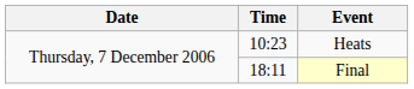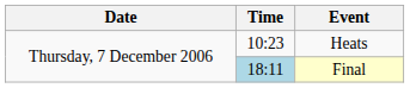 <table class = "wikitable" style="text-align:center;">
 <tr>
 <th width=220>Date</th>
 <th width=50>Time</th>
 <th width=100>Event</th>
 </tr>
 <tr>
 <td rowspan=2>Thursday, 7 December 2006</td>
 <td>10:23</td>
 <td>Heats</td>
 </tr>
 <tr>
-<td>18:11</td>
+<td style="background: lightblue;">18:11</td>
 <td bgcolor=ffffcc>Final</td>
 </tr>
 </table>
